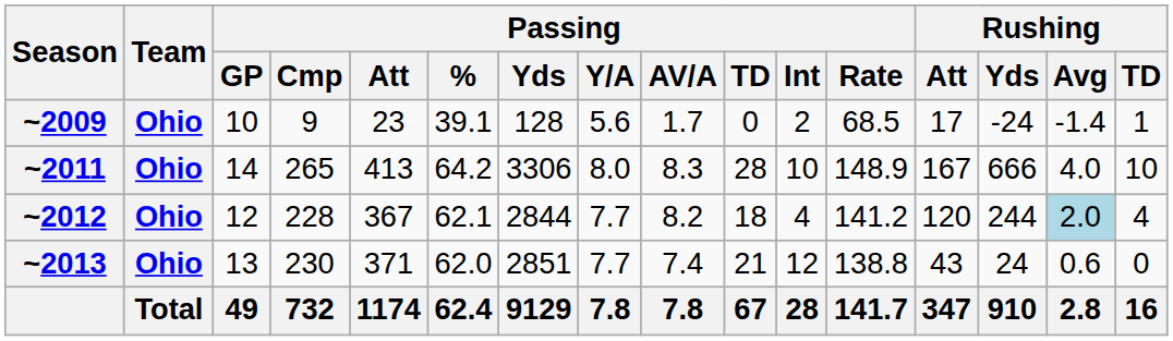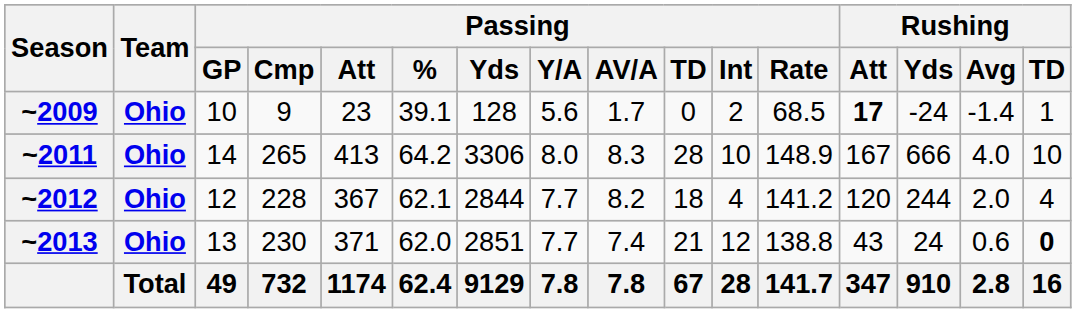 <table class=wikitable style="text-align:center;">
 <tr>
 <th rowspan=2>Season</th>
 <th rowspan=2>Team</th>
 <th colspan=10>Passing</th>
 <th colspan=4>Rushing</th>
 </tr>
 <tr>
 <th>GP</th>
 <th>Cmp</th>
 <th>Att</th>
 <th>%</th>
 <th>Yds</th>
 <th>Y/A</th>
 <th>AV/A</th>
 <th>TD</th>
 <th>Int</th>
 <th>Rate</th>
 <th>Att</th>
 <th>Yds</th>
 <th>Avg</th>
 <th>TD</th>
 </tr>
 <tr>
 <th>~<a href='#'>2009</a></th>
 <th><a href='#'>Ohio</a></th>
 <td>10</td>
 <td>9</td>
 <td>23</td>
 <td>39.1</td>
 <td>128</td>
 <td>5.6</td>
 <td>1.7</td>
 <td>0</td>
 <td>2</td>
 <td>68.5</td>
-<td>17</td>
+<td><strong>17</strong></td>
 <td>-24</td>
 <td>-1.4</td>
 <td>1</td>
 </tr>
 <tr>
 <th>~<a href='#'>2011</a></th>
 <th><a href='#'>Ohio</a></th>
 <td>14</td>
 <td>265</td>
 <td>413</td>
 <td>64.2</td>
 <td>3306</td>
 <td>8.0</td>
 <td>8.3</td>
 <td>28</td>
 <td>10</td>
 <td>148.9</td>
 <td>167</td>
 <td>666</td>
 <td>4.0</td>
 <td>10</td>
 </tr>
 <tr>
 <th>~<a href='#'>2012</a></th>
 <th><a href='#'>Ohio</a></th>
 <td>12</td>
 <td>228</td>
 <td>367</td>
 <td>62.1</td>
 <td>2844</td>
 <td>7.7</td>
 <td>8.2</td>
 <td>18</td>
 <td>4</td>
 <td>141.2</td>
 <td>120</td>
 <td>244</td>
-<td style="background: lightblue;">2.0</td>
+<td>2.0</td>
 <td>4</td>
 </tr>
 <tr>
 <th>~<a href='#'>2013</a></th>
 <th><a href='#'>Ohio</a></th>
 <td>13</td>
 <td>230</td>
 <td>371</td>
 <td>62.0</td>
 <td>2851</td>
 <td>7.7</td>
 <td>7.4</td>
 <td>21</td>
 <td>12</td>
 <td>138.8</td>
 <td>43</td>
 <td>24</td>
 <td>0.6</td>
-<td>0</td>
+<td><strong>0</strong></td>
 </tr>
 <tr>
 <th></th>
 <th>Total</th>
 <th>49</th>
 <th>732</th>
 <th>1174</th>
 <th>62.4</th>
 <th>9129</th>
 <th>7.8</th>
 <th>7.8</th>
 <th>67</th>
 <th>28</th>
 <th>141.7</th>
 <th>347</th>
 <th>910</th>
 <th>2.8</th>
 <th>16</th>
 </tr>
 </table>
